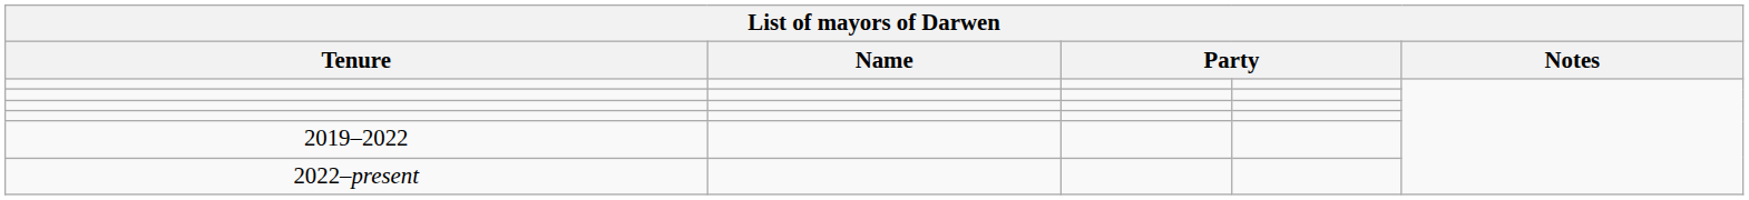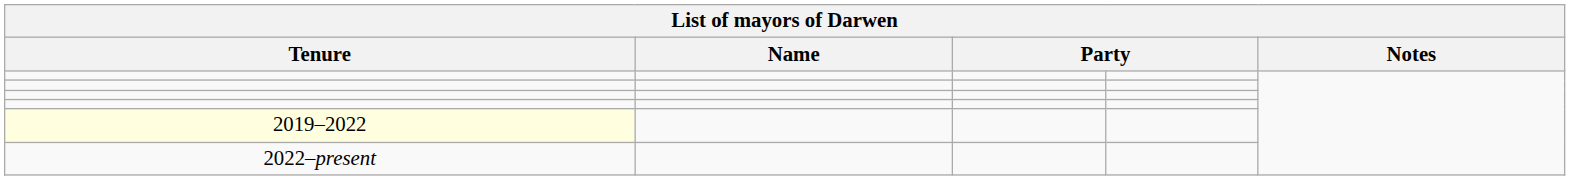 <table class="wikitable sortable"  style="width: 95%;" border="1" cellpadding="1">
 <tr>
 <th colspan="5">List of mayors of Darwen</th>
 </tr>
 <tr>
 <th>Tenure</th>
 <th>Name</th>
 <th colspan=2>Party</th>
 <th class=unsortable>Notes</th>
 </tr>
 <tr>
 <td align=center></td>
 <td></td>
 <td></td>
 <td></td>
 </tr>
 <tr>
 <td align=center></td>
 <td></td>
 <td></td>
 <td></td>
 </tr>
 <tr>
 <td align=center></td>
 <td></td>
 <td></td>
 <td></td>
 </tr>
 <tr>
 <td align=center></td>
 <td></td>
 <td></td>
 <td></td>
 </tr>
 <tr>
-<td align=center>2019–2022</td>
+<td align=center style="background: lightyellow;">2019–2022</td>
 <td></td>
 <td></td>
 <td></td>
 </tr>
 <tr>
 <td align=center>2022–<em>present</em></td>
 <td></td>
 <td></td>
 <td></td>
 </tr>
 </table>
